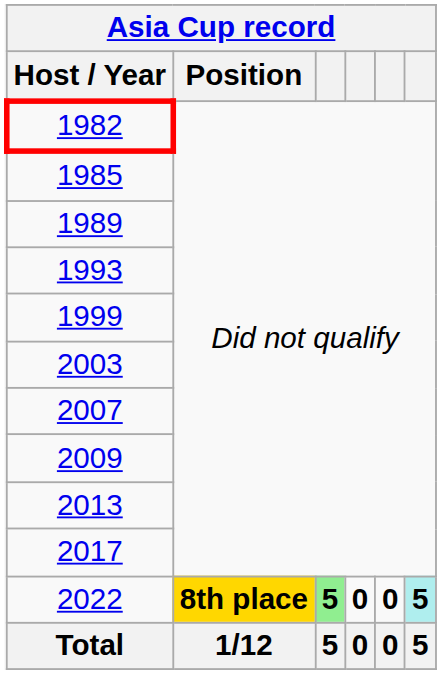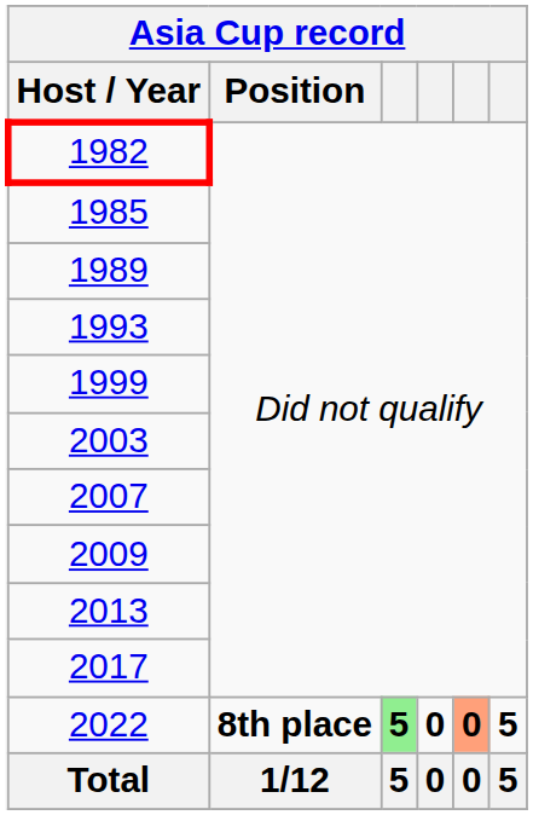 <table class="wikitable" style="text-align: center;">
 <tr>
 <th colspan="9"><a href='#'>Asia Cup record</a></th>
 </tr>
 <tr>
 <th>Host / Year</th>
 <th>Position</th>
 <th></th>
 <th></th>
 <th></th>
 <th></th>
 </tr>
 <tr>
 <td style="border: 3px solid red"> <a href='#'>1982</a></td>
 <td colspan=8 rowspan="10"><em>Did not qualify</em></td>
 </tr>
 <tr>
 <td> <a href='#'>1985</a></td>
 </tr>
 <tr>
 <td> <a href='#'>1989</a></td>
 </tr>
 <tr>
 <td> <a href='#'>1993</a></td>
 </tr>
 <tr>
 <td> <a href='#'>1999</a></td>
 </tr>
 <tr>
 <td> <a href='#'>2003</a></td>
 </tr>
 <tr>
 <td> <a href='#'>2007</a></td>
 </tr>
 <tr>
 <td> <a href='#'>2009</a></td>
 </tr>
 <tr>
 <td> <a href='#'>2013</a></td>
 </tr>
 <tr>
 <td> <a href='#'>2017</a></td>
 </tr>
 <tr>
 <td> <a href='#'>2022</a></td>
-<td style="background: gold;"><strong>8th place</strong></td>
+<td><strong>8th place</strong></td>
 <td style="background: lightgreen;"><strong>5</strong></td>
 <td><strong>0</strong></td>
-<td><strong>0</strong></td>
-<td style="background: paleturquoise;"><strong>5</strong></td>
+<td style="background: lightsalmon;"><strong>0</strong></td>
+<td><strong>5</strong></td>
 </tr>
 <tr>
 <th>Total</th>
 <th>1/12</th>
 <th>5</th>
 <th>0</th>
 <th>0</th>
 <th>5</th>
 </tr>
 </table>
